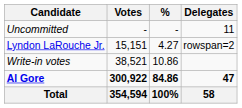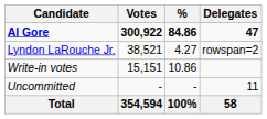 <table class="wikitable sortable" style="text-align:right;">
 <tr>
 <th>Candidate</th>
 <th>Votes</th>
 <th>%</th>
 <th>Delegates</th>
 </tr>
 <tr>
-<td style="text-align:left;" data-sort-value="ZZZ"><em>Uncommitted</em></td>
-<td>-</td>
-<td>-</td>
-<td>11</td>
+<td style="text-align:left;" data-sort-value="Gore, Al"><strong><a href='#'>Al Gore</a></strong></td>
+<td><strong>300,922</strong></td>
+<td><strong>84.86</strong></td>
+<td><strong>47</strong></td>
 </tr>
 <tr>
 <td style="text-align:left;" data-sort-value="LaRouche Jr., Lyndon"><a href='#'>Lyndon LaRouche Jr.</a></td>
-<td>15,151</td>
+<td>38,521</td>
 <td>4.27</td>
 <td>rowspan=2 </td>
 </tr>
 <tr>
 <td style="text-align:left;" data-sort-value="ZZZ"><em>Write-in votes</em></td>
-<td>38,521</td>
+<td>15,151</td>
 <td>10.86</td>
 </tr>
 <tr>
-<td style="text-align:left;" data-sort-value="Gore, Al"><strong><a href='#'>Al Gore</a></strong></td>
-<td><strong>300,922</strong></td>
-<td><strong>84.86</strong></td>
-<td><strong>47</strong></td>
+<td style="text-align:left;" data-sort-value="ZZZ"><em>Uncommitted</em></td>
+<td>-</td>
+<td>-</td>
+<td>11</td>
 </tr>
 <tr>
 <th>Total</th>
 <th>354,594</th>
 <th>100%</th>
 <th>58</th>
 </tr>
 </table>
